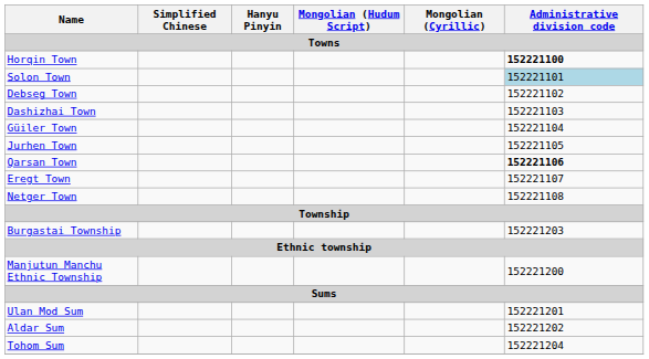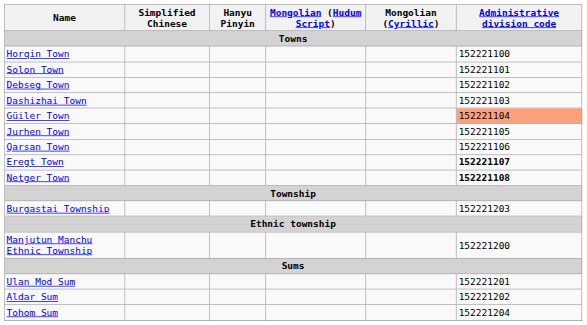 <table class="wikitable" align="center" style="width:50%; border="1">
 <tr>
 <th>Name</th>
 <th>Simplified Chinese</th>
 <th>Hanyu Pinyin</th>
 <th><a href='#'>Mongolian</a> (<a href='#'>Hudum Script</a>)</th>
 <th>Mongolian (<a href='#'>Cyrillic</a>)</th>
 <th><a href='#'>Administrative division code</a></th>
 </tr>
 <tr>
 <td colspan="6"  style="text-align:center; background:#d3d3d3;"><strong>Towns</strong></td>
 </tr>
 <tr --------->
 <td><a href='#'>Horqin Town</a></td>
 <td></td>
 <td></td>
 <td></td>
 <td></td>
-<td><strong>152221100</strong></td>
+<td>152221100</td>
 </tr>
 <tr>
 <td><a href='#'>Solon Town</a></td>
 <td></td>
 <td></td>
 <td></td>
 <td></td>
-<td style="background: lightblue;">152221101</td>
+<td>152221101</td>
 </tr>
 <tr>
 <td><a href='#'>Debseg Town</a></td>
 <td></td>
 <td></td>
 <td></td>
 <td></td>
 <td>152221102</td>
 </tr>
 <tr>
 <td><a href='#'>Dashizhai Town</a></td>
 <td></td>
 <td></td>
 <td></td>
 <td></td>
 <td>152221103</td>
 </tr>
 <tr>
 <td><a href='#'>Güiler Town</a></td>
 <td></td>
 <td></td>
 <td></td>
 <td></td>
-<td>152221104</td>
+<td style="background: lightsalmon;">152221104</td>
 </tr>
 <tr>
 <td><a href='#'>Jurhen Town</a></td>
 <td></td>
 <td></td>
 <td></td>
 <td></td>
 <td>152221105</td>
 </tr>
 <tr>
 <td><a href='#'>Qarsan Town</a></td>
 <td></td>
 <td></td>
 <td></td>
 <td></td>
-<td><strong>152221106</strong></td>
+<td>152221106</td>
 </tr>
 <tr>
 <td><a href='#'>Eregt Town</a></td>
 <td></td>
 <td></td>
 <td></td>
 <td></td>
-<td>152221107</td>
+<td><strong>152221107</strong></td>
 </tr>
 <tr>
 <td><a href='#'>Netger Town</a></td>
 <td></td>
 <td></td>
 <td></td>
 <td></td>
-<td>152221108</td>
+<td><strong>152221108</strong></td>
 </tr>
 <tr>
 <td colspan="6"  style="text-align:center; background:#d3d3d3;"><strong>Township</strong></td>
 </tr>
 <tr --------->
 <td><a href='#'>Burgastai Township</a></td>
 <td></td>
 <td></td>
 <td></td>
 <td></td>
 <td>152221203</td>
 </tr>
 <tr>
 <td colspan="6"  style="text-align:center; background:#d3d3d3;"><strong>Ethnic township</strong></td>
 </tr>
 <tr --------->
 <td><a href='#'>Manjutun Manchu Ethnic Township</a></td>
 <td></td>
 <td></td>
 <td></td>
 <td></td>
 <td>152221200</td>
 </tr>
 <tr>
 <td colspan="6"  style="text-align:center; background:#d3d3d3;"><strong>Sums</strong></td>
 </tr>
 <tr --------->
 <td><a href='#'>Ulan Mod Sum</a></td>
 <td></td>
 <td></td>
 <td></td>
 <td></td>
 <td>152221201</td>
 </tr>
 <tr>
 <td><a href='#'>Aldar Sum</a></td>
 <td></td>
 <td></td>
 <td></td>
 <td></td>
 <td>152221202</td>
 </tr>
 <tr>
 <td><a href='#'>Tohom Sum</a></td>
 <td></td>
 <td></td>
 <td></td>
 <td></td>
 <td>152221204</td>
 </tr>
 <tr>
 </tr>
 </table>
